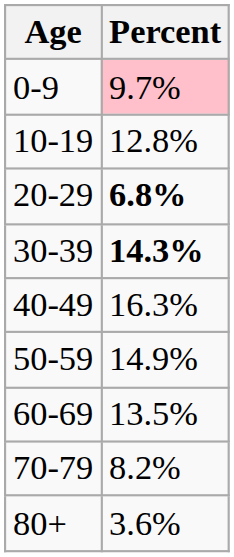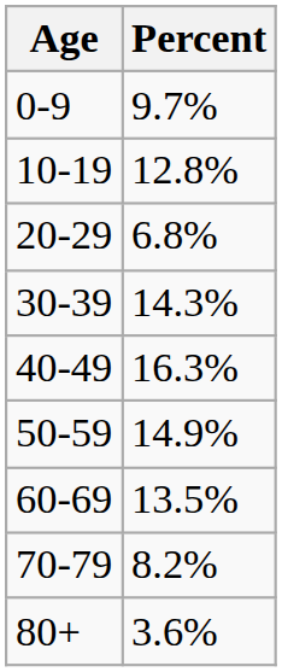 <table class="wikitable sortable mw-collapsible mw-collapsed">
 <tr>
 <th>Age</th>
 <th>Percent</th>
 </tr>
 <tr>
 <td>0-9</td>
-<td style="background: pink;">9.7%</td>
+<td>9.7%</td>
 </tr>
 <tr>
 <td>10-19</td>
 <td>12.8%</td>
 </tr>
 <tr>
 <td>20-29</td>
-<td><strong>6.8%</strong></td>
+<td>6.8%</td>
 </tr>
 <tr>
 <td>30-39</td>
-<td><strong>14.3%</strong></td>
+<td>14.3%</td>
 </tr>
 <tr>
 <td>40-49</td>
 <td>16.3%</td>
 </tr>
 <tr>
 <td>50-59</td>
 <td>14.9%</td>
 </tr>
 <tr>
 <td>60-69</td>
 <td>13.5%</td>
 </tr>
 <tr>
 <td>70-79</td>
 <td>8.2%</td>
 </tr>
 <tr>
 <td>80+</td>
 <td>3.6%</td>
 </tr>
 </table>
